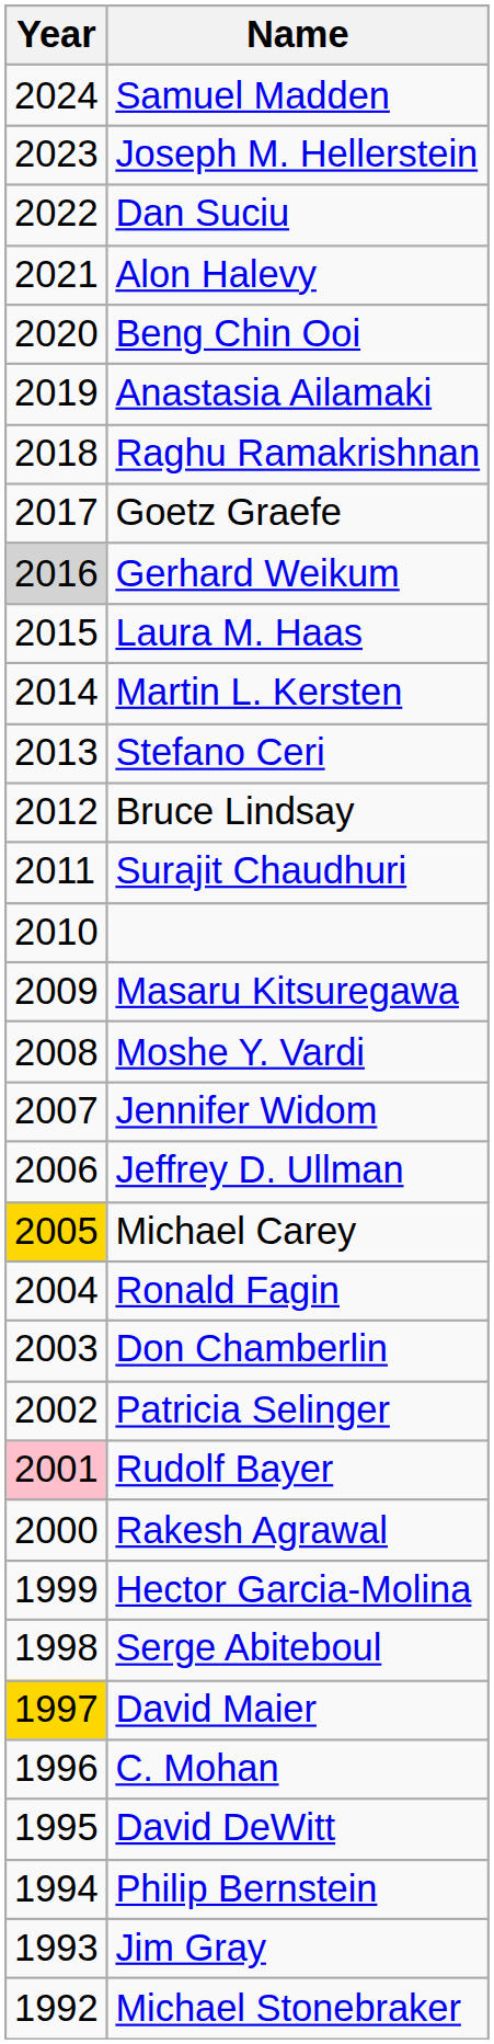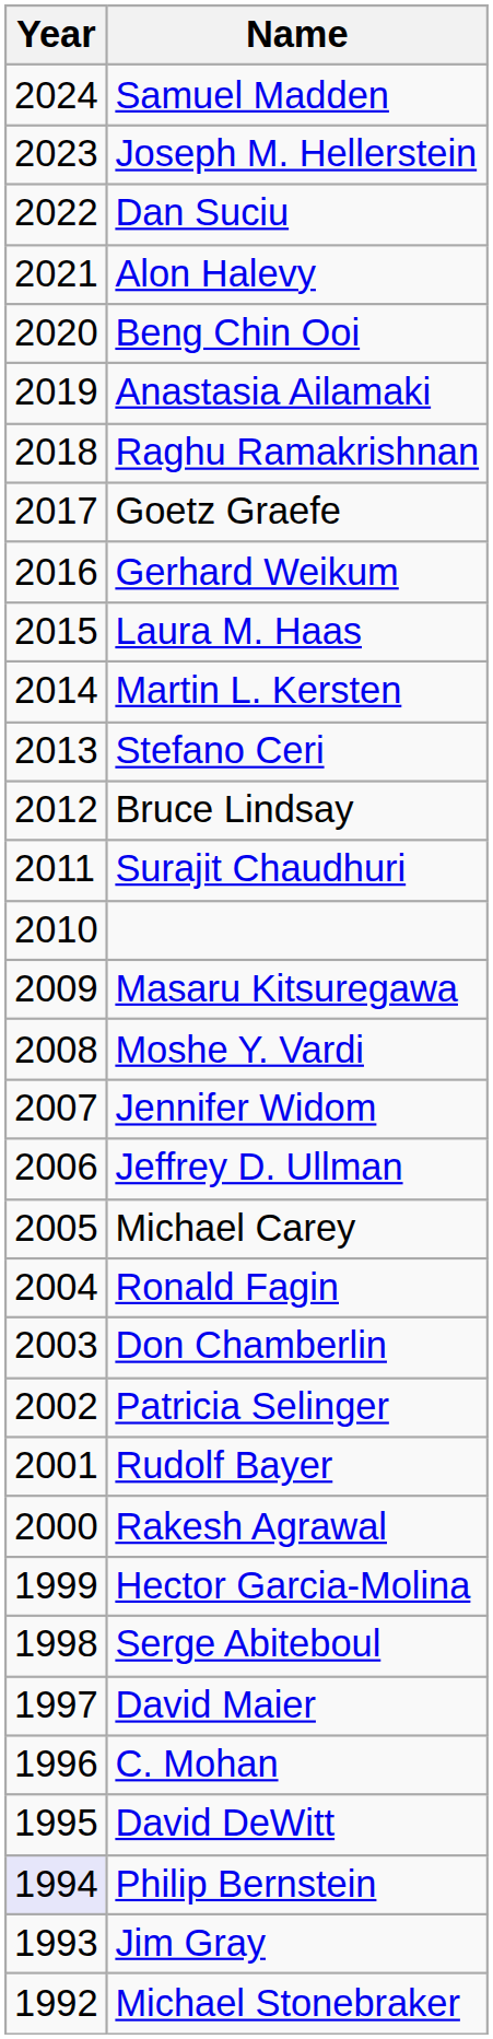 <table class="wikitable">
 <tr>
 <th>Year</th>
 <th>Name</th>
 </tr>
 <tr>
 <td>2024</td>
 <td><a href='#'>Samuel Madden</a></td>
 </tr>
 <tr>
 <td>2023</td>
 <td><a href='#'>Joseph M. Hellerstein</a></td>
 </tr>
 <tr>
 <td>2022</td>
 <td><a href='#'>Dan Suciu</a></td>
 </tr>
 <tr>
 <td>2021</td>
 <td><a href='#'>Alon Halevy</a></td>
 </tr>
 <tr>
 <td>2020</td>
 <td><a href='#'>Beng Chin Ooi</a></td>
 </tr>
 <tr>
 <td>2019</td>
 <td><a href='#'>Anastasia Ailamaki</a></td>
 </tr>
 <tr>
 <td>2018</td>
 <td><a href='#'>Raghu Ramakrishnan</a></td>
 </tr>
 <tr>
 <td>2017</td>
 <td>Goetz Graefe</td>
 </tr>
 <tr>
-<td style="background: lightgrey;">2016</td>
+<td>2016</td>
 <td><a href='#'>Gerhard Weikum</a></td>
 </tr>
 <tr>
 <td>2015</td>
 <td><a href='#'>Laura M. Haas</a></td>
 </tr>
 <tr>
 <td>2014</td>
 <td><a href='#'>Martin L. Kersten</a></td>
 </tr>
 <tr>
 <td>2013</td>
 <td><a href='#'>Stefano Ceri</a></td>
 </tr>
 <tr>
 <td>2012</td>
 <td>Bruce Lindsay</td>
 </tr>
 <tr>
 <td>2011</td>
 <td><a href='#'>Surajit Chaudhuri</a></td>
 </tr>
 <tr>
 <td>2010</td>
 <td></td>
 </tr>
 <tr>
 <td>2009</td>
 <td><a href='#'>Masaru Kitsuregawa</a></td>
 </tr>
 <tr>
 <td>2008</td>
 <td><a href='#'>Moshe Y. Vardi</a></td>
 </tr>
 <tr>
 <td>2007</td>
 <td><a href='#'>Jennifer Widom</a></td>
 </tr>
 <tr>
 <td>2006</td>
 <td><a href='#'>Jeffrey D. Ullman</a></td>
 </tr>
 <tr>
-<td style="background: gold;">2005</td>
+<td>2005</td>
 <td>Michael Carey</td>
 </tr>
 <tr>
 <td>2004</td>
 <td><a href='#'>Ronald Fagin</a></td>
 </tr>
 <tr>
 <td>2003</td>
 <td><a href='#'>Don Chamberlin</a></td>
 </tr>
 <tr>
 <td>2002</td>
 <td><a href='#'>Patricia Selinger</a></td>
 </tr>
 <tr>
-<td style="background: pink;">2001</td>
+<td>2001</td>
 <td><a href='#'>Rudolf Bayer</a></td>
 </tr>
 <tr>
 <td>2000</td>
 <td><a href='#'>Rakesh Agrawal</a></td>
 </tr>
 <tr>
 <td>1999</td>
 <td><a href='#'>Hector Garcia-Molina</a></td>
 </tr>
 <tr>
 <td>1998</td>
 <td><a href='#'>Serge Abiteboul</a></td>
 </tr>
 <tr>
-<td style="background: gold;">1997</td>
+<td>1997</td>
 <td><a href='#'>David Maier</a></td>
 </tr>
 <tr>
 <td>1996</td>
 <td><a href='#'>C. Mohan</a></td>
 </tr>
 <tr>
 <td>1995</td>
 <td><a href='#'>David DeWitt</a></td>
 </tr>
 <tr>
-<td>1994</td>
+<td style="background: lavender;">1994</td>
 <td><a href='#'>Philip Bernstein</a></td>
 </tr>
 <tr>
 <td>1993</td>
 <td><a href='#'>Jim Gray</a></td>
 </tr>
 <tr>
 <td>1992</td>
 <td><a href='#'>Michael Stonebraker</a></td>
 </tr>
 </table>
